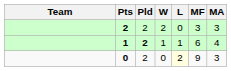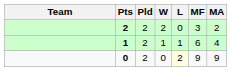 <table class=wikitable style="text-align:center">
 <tr>
 <th width=175>Team</th>
 <th width=20>Pts</th>
 <th width=20>Pld</th>
 <th width=20>W</th>
 <th width=20>L</th>
 <th width=20>MF</th>
 <th width=20>MA</th>
 </tr>
 <tr bgcolor=ccffcc>
 <td style="text-align:left"><strong></strong></td>
 <td><strong>2</strong></td>
 <td>2</td>
 <td>2</td>
 <td>0</td>
 <td>3</td>
-<td>3</td>
+<td>2</td>
 </tr>
 <tr bgcolor=ccffcc>
 <td style="text-align:left"><strong></strong></td>
 <td><strong>1</strong></td>
-<td><strong>2</strong></td>
+<td>2</td>
 <td>1</td>
 <td>1</td>
 <td>6</td>
 <td>4</td>
 </tr>
 <tr>
 <td style="text-align:left"></td>
 <td><strong>0</strong></td>
 <td>2</td>
 <td>0</td>
 <td style="background: lightyellow;">2</td>
 <td>9</td>
-<td>3</td>
+<td>9</td>
 </tr>
 </table>
